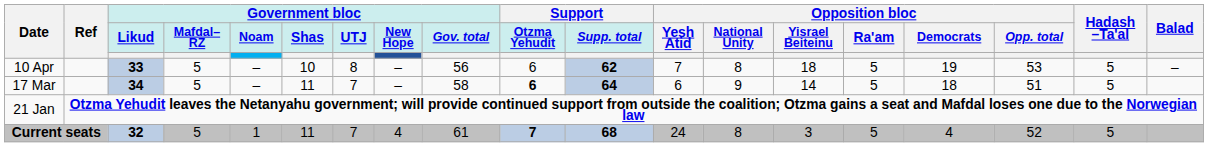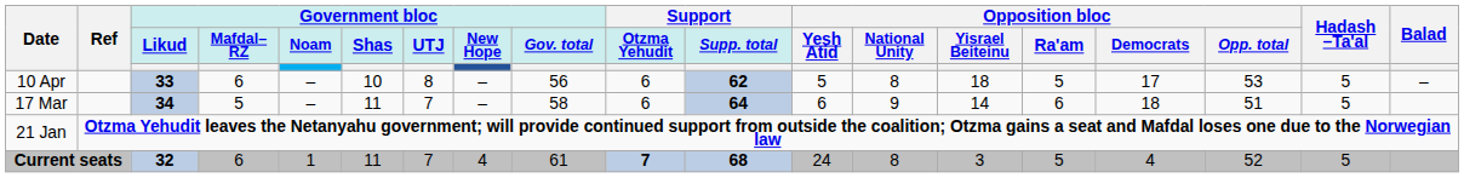 <table class="wikitable sortable" style="text-align:center;font-size:90%;line-height:12px">
 <tr>
 <th rowspan="3">Date</th>
 <th rowspan="3">Ref</th>
 <th colspan="7" style="background:#cee;"><a href='#'>Government bloc</a></th>
 <th colspan="2"><a href='#'>Support</a></th>
 <th colspan="6"><a href='#'>Opposition bloc</a></th>
 <th rowspan="2"><a href='#'>Hadash<br>–Ta'al</a></th>
 <th rowspan="2"><a href='#'>Balad</a></th>
 </tr>
 <tr>
 <th style="background:#cee"><a href='#'>Likud</a></th>
 <th style="background:#cee;font-size:90%"><a href='#'>Mafdal–<br>RZ</a></th>
 <th style="background:#cee;font-size:90%"><a href='#'>Noam</a></th>
 <th style="background:#cee"><a href='#'>Shas</a></th>
 <th style="background:#cee"><a href='#'>UTJ</a></th>
 <th style="background:#cee;font-size:90%"><a href='#'>New<br>Hope</a></th>
 <th style="background:#cee;font-size:90%"><a href='#'><em>Gov. total</em></a></th>
 <th style="background:#cee;font-size:90%"><a href='#'>Otzma<br>Yehudit</a></th>
 <th style="background:#cee;font-size:90%"><a href='#'><em>Supp. total</em></a></th>
 <th><a href='#'>Yesh<br>Atid</a></th>
 <th style="font-size:90%"><a href='#'>National<br>Unity</a></th>
 <th style="font-size:90%"><a href='#'>Yisrael<br>Beiteinu</a></th>
 <th><a href='#'>Ra'am</a></th>
 <th style="font-size:90%"><a href='#'>Democrats</a></th>
 <th style="font-size:90%"><a href='#'><em>Opp. total</em></a></th>
 </tr>
 <tr>
 <th style="background:"></th>
 <th style="background:"></th>
 <th style="background:#01AFF0"></th>
 <th style="background:"></th>
 <th style="background:"></th>
 <th style="background:#235298"></th>
 <th style="background:"></th>
 <th style="background:"></th>
 <th style="background:"></th>
 <th style="background:"></th>
 <th style="background:"></th>
 <th style="background:"></th>
 <th style="background:"></th>
 <th style="background:"></th>
 <th style="background:"></th>
 <th style="background:"></th>
 <th style="background:"></th>
 </tr>
 <tr>
 <td data-sort-value=2025-03-17>10 Apr</td>
 <td></td>
 <td style=background:#BBCDE4><strong>33</strong></td>
-<td>5		    </td>
+<td>6		    </td>
 <td>–                  </td>
 <td>10                 </td>
 <td>8                  </td>
 <td>–		    </td>
 <td>56                </td>
 <td>6                  </td>
 <td style=background:#BBCDE4><strong>62</strong>        </td>
-<td>7                   </td>
+<td>5                   </td>
 <td>8                  </td>
 <td>18                  </td>
 <td>5                   </td>
-<td>19                  </td>
+<td>17                  </td>
 <td>53 		    </td>
 <td>5                  </td>
 <td>–   </td>
 </tr>
 <tr>
 <td data-sort-value=2025-03-17>17 Mar</td>
 <td></td>
 <td style=background:#BBCDE4><strong>34</strong></td>
 <td>5		    </td>
 <td>–                  </td>
 <td>11                 </td>
 <td>7                  </td>
 <td>–		    </td>
 <td>58                 </td>
-<td><strong>6                  </strong></td>
+<td>6                  </td>
 <td style=background:#BBCDE4><strong>64</strong>        </td>
 <td>6                  </td>
 <td>9                  </td>
 <td>14                 </td>
-<td>5                  </td>
+<td>6                  </td>
 <td>18                 </td>
 <td>51		    </td>
 <td>5                  </td>
 <td>   </td>
 </tr>
 <tr>
 <td data-sort-value=2025-01-21>21 Jan</td>
 <td colspan="18"><strong><a href='#'>Otzma Yehudit</a> leaves the Netanyahu government; will provide continued support from outside the coalition; Otzma gains a seat and Mafdal loses one due to the <a href='#'>Norwegian law</a></strong></td>
 </tr>
 <tr>
 <td colspan="2" style="background:#c0c0c0"><strong>Current seats</strong></td>
 <td style=background:#BBCDE4><strong>32</strong> </td>
-<td style=background:#c0c0c0>5  </td>
+<td style=background:#c0c0c0>6  </td>
 <td style=background:#c0c0c0>1  </td>
 <td style=background:#c0c0c0>11  </td>
 <td style=background:#c0c0c0>7 </td>
 <td style=background:#c0c0c0>4  </td>
 <td style=background:#c0c0c0>61  </td>
 <td style=background:#bbcde4><strong>7</strong>	</td>
 <td style=background:#bbcde4><strong>68</strong>	</td>
 <td style=background:#c0c0c0>24 </td>
 <td style=background:#c0c0c0>8  </td>
 <td style=background:#c0c0c0>3  </td>
 <td style=background:#c0c0c0>5  </td>
 <td style=background:#c0c0c0>4  </td>
 <td style=background:#c0c0c0>52 </td>
 <td style=background:#c0c0c0>5  </td>
 <td style=background:#c0c0c0></td>
 </tr>
 </table>
